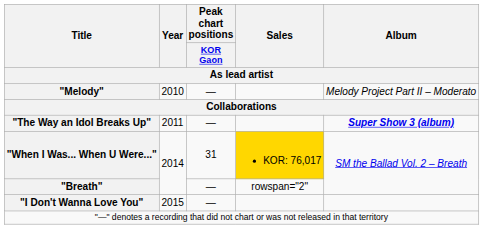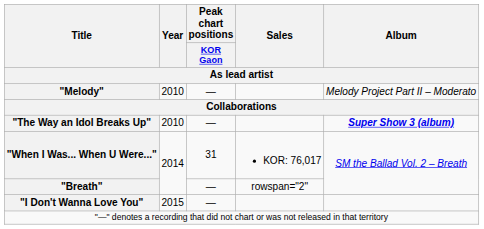 <table class="wikitable plainrowheaders" style="text-align:center">
 <tr>
 <th scope="col" rowspan="2">Title</th>
 <th scope="col" rowspan="2">Year</th>
 <th scope="col">Peak chart positions</th>
 <th scope="col" rowspan="2">Sales</th>
 <th scope="col" rowspan="2">Album</th>
 </tr>
 <tr>
 <th scope="col" style="width:2.5em; font-size:90%"><a href='#'>KOR<br>Gaon</a><br></th>
 </tr>
 <tr>
 <th scope="col" colspan="5">As lead artist</th>
 </tr>
 <tr>
 <th scope="row">"Melody"</th>
 <td>2010</td>
 <td>—</td>
 <td></td>
 <td><em>Melody Project Part II – Moderato</em></td>
 </tr>
 <tr>
 <th scope="col" colspan="5">Collaborations</th>
 </tr>
 <tr>
 <th scope="row">"The Way an Idol Breaks Up"<br></th>
-<td>2011</td>
+<td>2010</td>
 <td>—</td>
 <td></td>
 <td><strong><em><a href='#'>Super Show 3 (album)</a></em></strong></td>
 </tr>
 <tr>
 <th scope="row">"When I Was... When U Were..."<br></th>
 <td rowspan="2">2014</td>
 <td>31</td>
-<td style="background: gold;"><br><ul><li>KOR: 76,017</li></ul></td>
+<td><br><ul><li>KOR: 76,017</li></ul></td>
 <td rowspan="2"><em><a href='#'>SM the Ballad Vol. 2 – Breath</a></em></td>
 </tr>
 <tr>
 <th scope="row">"Breath" <br></th>
 <td>—</td>
 <td>rowspan="2" </td>
 </tr>
 <tr>
 <th scope="row">"I Don't Wanna Love You"<br></th>
 <td>2015</td>
 <td>—</td>
 <td></td>
 </tr>
 <tr>
 <td colspan="5" style="font-size:85%">"—" denotes a recording that did not chart or was not released in that territory</td>
 </tr>
 </table>
